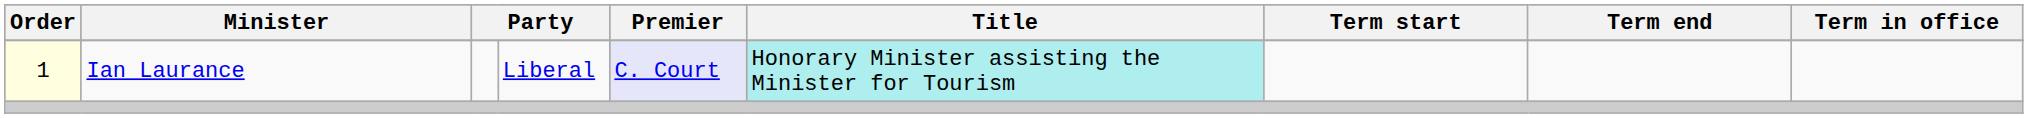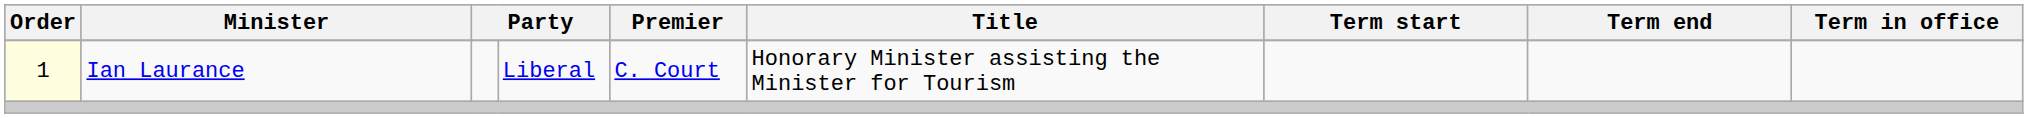 <table class="wikitable">
 <tr>
 <th width=5>Order</th>
 <th width=225>Minister</th>
 <th width=75 colspan="2">Party</th>
 <th width=75>Premier</th>
 <th width=300>Title</th>
 <th width=150>Term start</th>
 <th width=150>Term end</th>
 <th width=130>Term in office</th>
 </tr>
 <tr>
 </tr>
 <tr>
 <td align=center style="background: lightyellow;">1</td>
 <td><a href='#'>Ian Laurance</a></td>
 <td> </td>
 <td><a href='#'>Liberal</a></td>
-<td style="background: lavender;"><a href='#'>C. Court</a></td>
-<td style="background: paleturquoise;">Honorary Minister assisting the Minister for Tourism</td>
+<td><a href='#'>C. Court</a></td>
+<td>Honorary Minister assisting the Minister for Tourism</td>
 <td align=center></td>
 <td align=center></td>
 <td align=center></td>
 </tr>
 <tr>
 <th colspan=9 style="background: #cccccc;"></th>
 </tr>
 </table>
